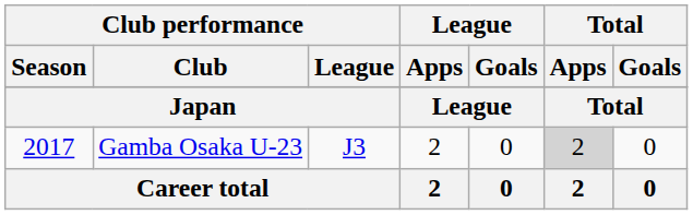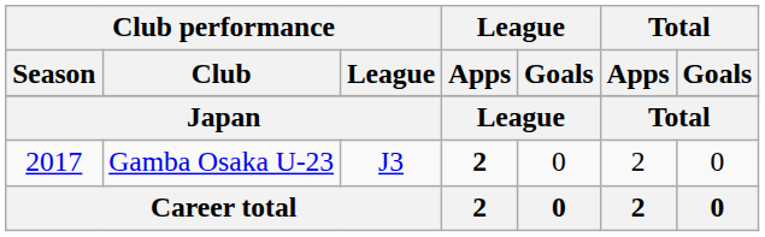 <table class="wikitable" style="text-align:center">
 <tr>
 <th colspan=3>Club performance</th>
 <th colspan=2>League</th>
 <th colspan=2>Total</th>
 </tr>
 <tr>
 <th>Season</th>
 <th>Club</th>
 <th>League</th>
 <th>Apps</th>
 <th>Goals</th>
 <th>Apps</th>
 <th>Goals</th>
 </tr>
 <tr>
 </tr>
 <tr>
 <th colspan=3>Japan</th>
 <th colspan=2>League</th>
 <th colspan=2>Total</th>
 </tr>
 <tr>
 <td><a href='#'>2017</a></td>
 <td><a href='#'>Gamba Osaka U-23</a></td>
 <td><a href='#'>J3</a></td>
+<td><strong>2</strong></td>
+<td>0</td>
 <td>2</td>
-<td>0</td>
-<td style="background: lightgrey;">2</td>
 <td>0</td>
 </tr>
 <tr>
 <th colspan=3>Career total</th>
 <th>2</th>
 <th>0</th>
 <th>2</th>
 <th>0</th>
 </tr>
 </table>
